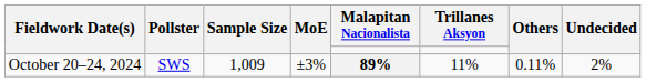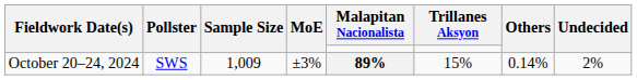 <table class="wikitable" style="text-align:center;font-size:90%;line-height:15px">
 <tr>
 <th rowspan="2">Fieldwork Date(s)</th>
 <th rowspan="2">Pollster</th>
 <th rowspan="2">Sample Size</th>
 <th rowspan="2">MoE</th>
 <th style="width:75px;">Malapitan<br><small><a href='#'>Nacionalista</a></small></th>
 <th style="width:75px;">Trillanes<br><small><a href='#'>Aksyon</a></small></th>
 <th rowspan="2">Others</th>
 <th rowspan="2">Undecided</th>
 </tr>
 <tr>
 <td style="background:"></td>
 <td style="background:"></td>
 </tr>
 <tr>
 <td>October 20–24, 2024</td>
 <td><a href='#'>SWS</a></td>
 <td>1,009</td>
 <td>±3%</td>
 <th style="background-color:#">89%</th>
-<td>11%</td>
-<td>0.11%</td>
+<td>15%</td>
+<td>0.14%</td>
 <td>2%</td>
 </tr>
 </table>
